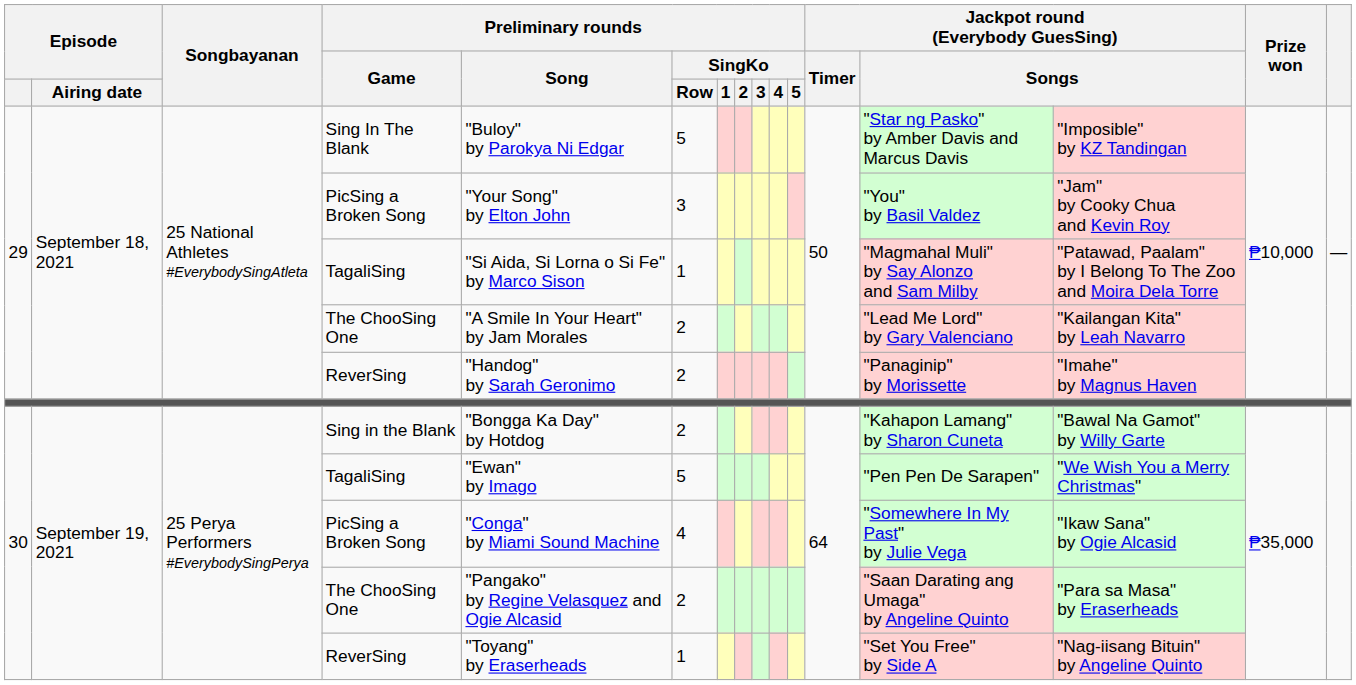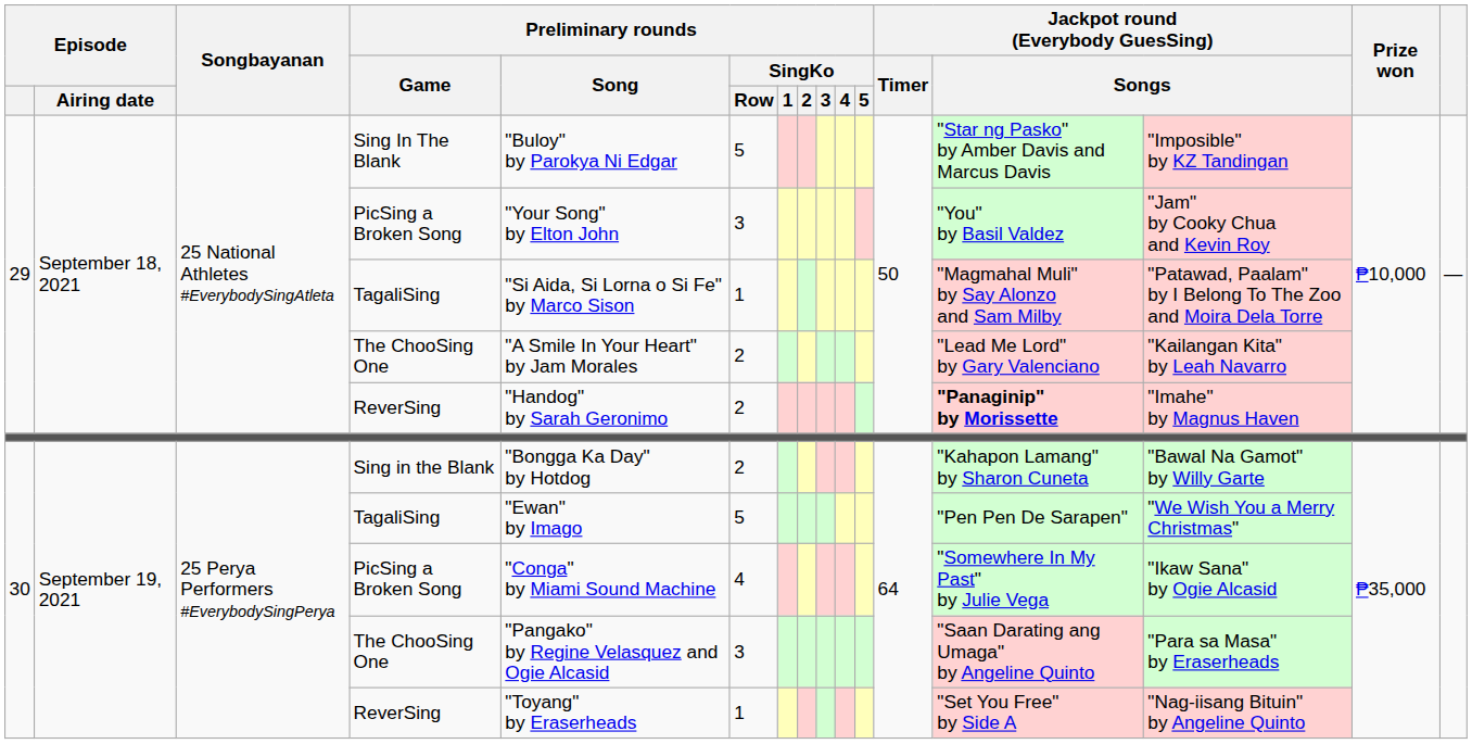 <table class="wikitable plainrowheaders mw-collapsible ">
 <tr>
 <th colspan="2" rowspan="2">Episode</th>
 <th rowspan="3">Songbayanan</th>
 <th colspan="8">Preliminary rounds</th>
 <th colspan="3">Jackpot round<br>(Everybody GuesSing)</th>
 <th rowspan="3">Prize won</th>
 <th rowspan="3"></th>
 </tr>
 <tr>
 <th rowspan="2">Game</th>
 <th rowspan="2">Song</th>
 <th colspan="6">SingKo</th>
 <th rowspan="2">Timer</th>
 <th colspan="2" rowspan="2">Songs</th>
 </tr>
 <tr>
 <th></th>
 <th>Airing date</th>
 <th>Row</th>
 <th>1</th>
 <th>2</th>
 <th>3</th>
 <th>4</th>
 <th>5</th>
 </tr>
 <tr>
 <td rowspan="5">29</td>
 <td rowspan="5">September 18, 2021</td>
 <td rowspan="5">25 National Athletes<br><small><em>#EverybodySingAtleta</em></small></td>
 <td>Sing In The Blank</td>
 <td>"Buloy"<br>by <a href='#'>Parokya Ni Edgar</a></td>
 <td>5</td>
 <td style="background:#FFD2D2"></td>
 <td style="background:#FFD2D2"></td>
 <td style="background:#FFB"></td>
 <td style="background:#FFB"></td>
 <td style="background:#FFB"></td>
 <td rowspan="5">50 </td>
 <td style="background:#D2FFD2">"<a href='#'>Star ng Pasko</a>"<br>by Amber Davis and Marcus Davis</td>
 <td style="background:#FFD2D2">"Imposible"<br>by <a href='#'>KZ Tandingan</a></td>
 <td rowspan="5"><a href='#'>₱</a>10,000</td>
 <td rowspan="5">—</td>
 </tr>
 <tr>
 <td>PicSing a Broken Song</td>
 <td>"Your Song"<br>by <a href='#'>Elton John</a></td>
 <td>3</td>
 <td style="background:#FFB"></td>
 <td style="background:#FFB"></td>
 <td style="background:#FFB"></td>
 <td style="background:#FFB"></td>
 <td style="background:#FFD2D2"></td>
 <td style="background:#D2FFD2">"You"<br>by <a href='#'>Basil Valdez</a></td>
 <td style="background:#FFD2D2">"Jam"<br>by Cooky Chua <br>and <a href='#'>Kevin Roy</a></td>
 </tr>
 <tr>
 <td>TagaliSing</td>
 <td>"Si Aida, Si Lorna o Si Fe"<br>by <a href='#'>Marco Sison</a></td>
 <td>1</td>
 <td style="background:#FFB"></td>
 <td style="background:#D2FFD2"></td>
 <td style="background:#FFB"></td>
 <td style="background:#FFB"></td>
 <td style="background:#FFB"></td>
 <td style="background:#FFD2D2">"Magmahal Muli"<br>by <a href='#'>Say Alonzo</a> <br>and <a href='#'>Sam Milby</a></td>
 <td style="background:#FFD2D2">"Patawad, Paalam"<br>by I Belong To The Zoo <br>and <a href='#'>Moira Dela Torre</a></td>
 </tr>
 <tr>
 <td>The ChooSing One</td>
 <td>"A Smile In Your Heart"<br>by Jam Morales</td>
 <td>2</td>
 <td style="background:#D2FFD2"></td>
 <td style="background:#FFB"></td>
 <td style="background:#D2FFD2"></td>
 <td style="background:#D2FFD2"></td>
 <td style="background:#FFB"></td>
 <td style="background:#FFD2D2">"Lead Me Lord"<br>by <a href='#'>Gary Valenciano</a></td>
 <td style="background:#FFD2D2">"Kailangan Kita"<br>by <a href='#'>Leah Navarro</a></td>
 </tr>
 <tr>
 <td>ReverSing</td>
 <td>"Handog"<br>by <a href='#'>Sarah Geronimo</a></td>
 <td>2</td>
 <td style="background:#FFD2D2"></td>
 <td style="background:#FFD2D2"></td>
 <td style="background:#FFD2D2"></td>
 <td style="background:#FFD2D2"></td>
 <td style="background:#D2FFD2"></td>
-<td style="background:#FFD2D2">"Panaginip"<br>by <a href='#'>Morissette</a></td>
+<td style="background:#FFD2D2"><strong>"Panaginip"<br>by <a href='#'>Morissette</a></strong></td>
 <td style="background:#FFD2D2">"Imahe"<br>by <a href='#'>Magnus Haven</a></td>
 </tr>
 <tr>
 <th colspan="16" style="background:#555"></th>
 </tr>
 <tr>
 <td rowspan="5">30</td>
 <td rowspan="5">September 19, 2021</td>
 <td rowspan="5">25 Perya Performers<br><small><em>#EverybodySingPerya</em></small></td>
 <td>Sing in the Blank</td>
 <td>"Bongga Ka Day"<br>by Hotdog</td>
 <td>2</td>
 <td style="background:#D2FFD2"></td>
 <td style="background:#FFB"></td>
 <td style="background:#FFD2D2"></td>
 <td style="background:#FFD2D2"></td>
 <td style="background:#FFB"></td>
 <td rowspan="5">64 </td>
 <td style="background:#D2FFD2">"Kahapon Lamang"<br>by <a href='#'>Sharon Cuneta</a></td>
 <td style="background:#D2FFD2">"Bawal Na Gamot"<br>by <a href='#'>Willy Garte</a></td>
 <td rowspan="5"><a href='#'>₱</a>35,000</td>
 <td rowspan="5"><br><br><br><br><br></td>
 </tr>
 <tr>
 <td>TagaliSing</td>
 <td>"Ewan"<br>by <a href='#'>Imago</a></td>
 <td>5</td>
 <td style="background:#D2FFD2"></td>
 <td style="background:#D2FFD2"></td>
 <td style="background:#D2FFD2"></td>
 <td style="background:#FFB"></td>
 <td style="background:#FFB"></td>
 <td style="background:#D2FFD2">"Pen Pen De Sarapen"</td>
 <td style="background:#D2FFD2">"<a href='#'>We Wish You a Merry Christmas</a>"</td>
 </tr>
 <tr>
 <td>PicSing a Broken Song</td>
 <td>"<a href='#'>Conga</a>"<br>by <a href='#'>Miami Sound Machine</a></td>
 <td>4</td>
 <td style="background:#FFD2D2"></td>
 <td style="background:#FFB"></td>
 <td style="background:#FFD2D2"></td>
 <td style="background:#FFD2D2"></td>
 <td style="background:#FFB"></td>
 <td style="background:#D2FFD2">"<a href='#'>Somewhere In My Past</a>"<br>by <a href='#'>Julie Vega</a></td>
 <td style="background:#D2FFD2">"Ikaw Sana"<br>by <a href='#'>Ogie Alcasid</a></td>
 </tr>
 <tr>
 <td>The ChooSing One</td>
 <td>"Pangako"<br>by <a href='#'>Regine Velasquez</a> and <a href='#'>Ogie Alcasid</a></td>
-<td>2</td>
+<td>3</td>
 <td style="background:#D2FFD2"></td>
 <td style="background:#D2FFD2"></td>
 <td style="background:#D2FFD2"></td>
 <td style="background:#D2FFD2"></td>
 <td style="background:#D2FFD2"></td>
 <td style="background:#FFD2D2">"Saan Darating ang Umaga"<br>by <a href='#'>Angeline Quinto</a></td>
 <td style="background:#D2FFD2">"Para sa Masa"<br>by <a href='#'>Eraserheads</a></td>
 </tr>
 <tr>
 <td>ReverSing</td>
 <td>"Toyang"<br>by <a href='#'>Eraserheads</a></td>
 <td>1</td>
 <td style="background:#FFB"></td>
 <td style="background:#FFD2D2"></td>
 <td style="background:#D2FFD2"></td>
 <td style="background:#FFD2D2"></td>
 <td style="background:#FFB"></td>
 <td style="background:#FFD2D2">"Set You Free"<br>by <a href='#'>Side A</a></td>
 <td style="background:#FFD2D2">"Nag-iisang Bituin"<br>by <a href='#'>Angeline Quinto</a></td>
 </tr>
 </table>
